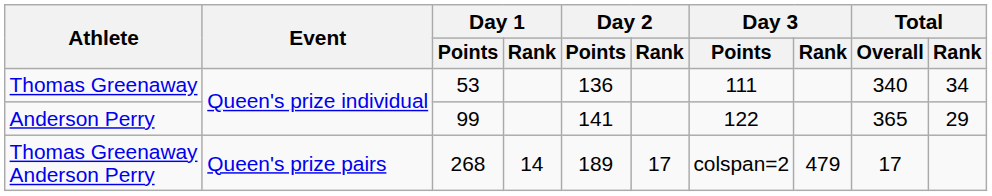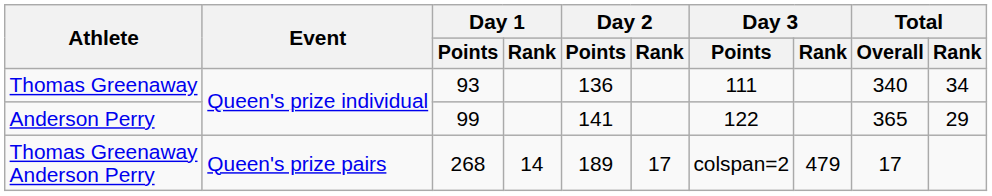 <table class="wikitable" style="font-size:90%">
 <tr>
 <th rowspan=2>Athlete</th>
 <th rowspan=2>Event</th>
 <th colspan=2>Day 1</th>
 <th colspan=2>Day 2</th>
 <th colspan=2>Day 3</th>
 <th colspan=2>Total</th>
 </tr>
 <tr style="font-size:95%">
 <th>Points</th>
 <th>Rank</th>
 <th>Points</th>
 <th>Rank</th>
 <th>Points</th>
 <th>Rank</th>
 <th>Overall</th>
 <th>Rank</th>
 </tr>
 <tr align=center>
 <td align=left><a href='#'>Thomas Greenaway</a></td>
 <td align=left rowspan="2"><a href='#'>Queen's prize individual</a></td>
-<td>53</td>
+<td>93</td>
 <td></td>
 <td>136</td>
 <td></td>
 <td>111</td>
 <td></td>
 <td>340</td>
 <td>34</td>
 </tr>
 <tr align=center>
 <td align=left><a href='#'>Anderson Perry</a></td>
 <td>99</td>
 <td></td>
 <td>141</td>
 <td></td>
 <td>122</td>
 <td></td>
 <td>365</td>
 <td>29</td>
 </tr>
 <tr align=center>
 <td align=left><a href='#'>Thomas Greenaway</a><br><a href='#'>Anderson Perry</a></td>
 <td align=left><a href='#'>Queen's prize pairs</a></td>
 <td>268</td>
 <td>14</td>
 <td>189</td>
 <td>17</td>
 <td>colspan=2 </td>
 <td>479</td>
 <td>17</td>
 </tr>
 </table>
